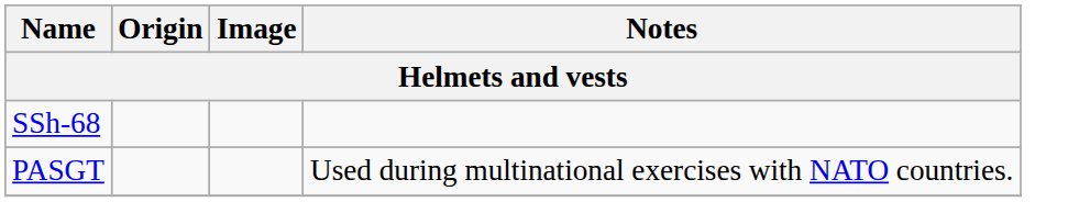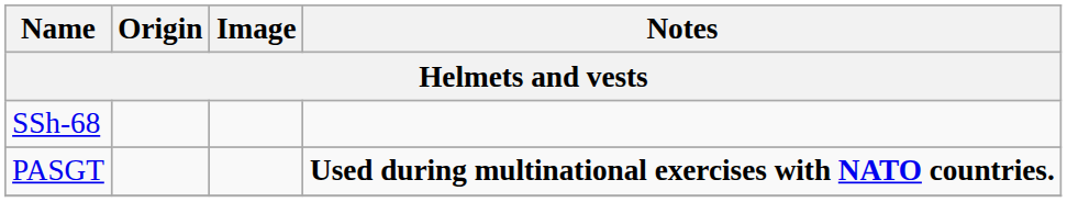 <table class="wikitable">
 <tr>
 <th style="text-align:center;">Name</th>
 <th style="text-align: center;">Origin</th>
 <th style="text-align:l center;">Image</th>
 <th style="text-align: center;">Notes</th>
 </tr>
 <tr>
 <th colspan="5">Helmets and vests</th>
 </tr>
 <tr>
 <td><a href='#'>SSh-68</a></td>
 <td></td>
 <td></td>
 <td></td>
 </tr>
 <tr>
 <td><a href='#'>PASGT</a></td>
 <td></td>
 <td></td>
-<td>Used during multinational exercises with <a href='#'>NATO</a> countries.</td>
+<td><strong>Used during multinational exercises with <a href='#'>NATO</a> countries.</strong></td>
 </tr>
 <tr>
 </tr>
 </table>
